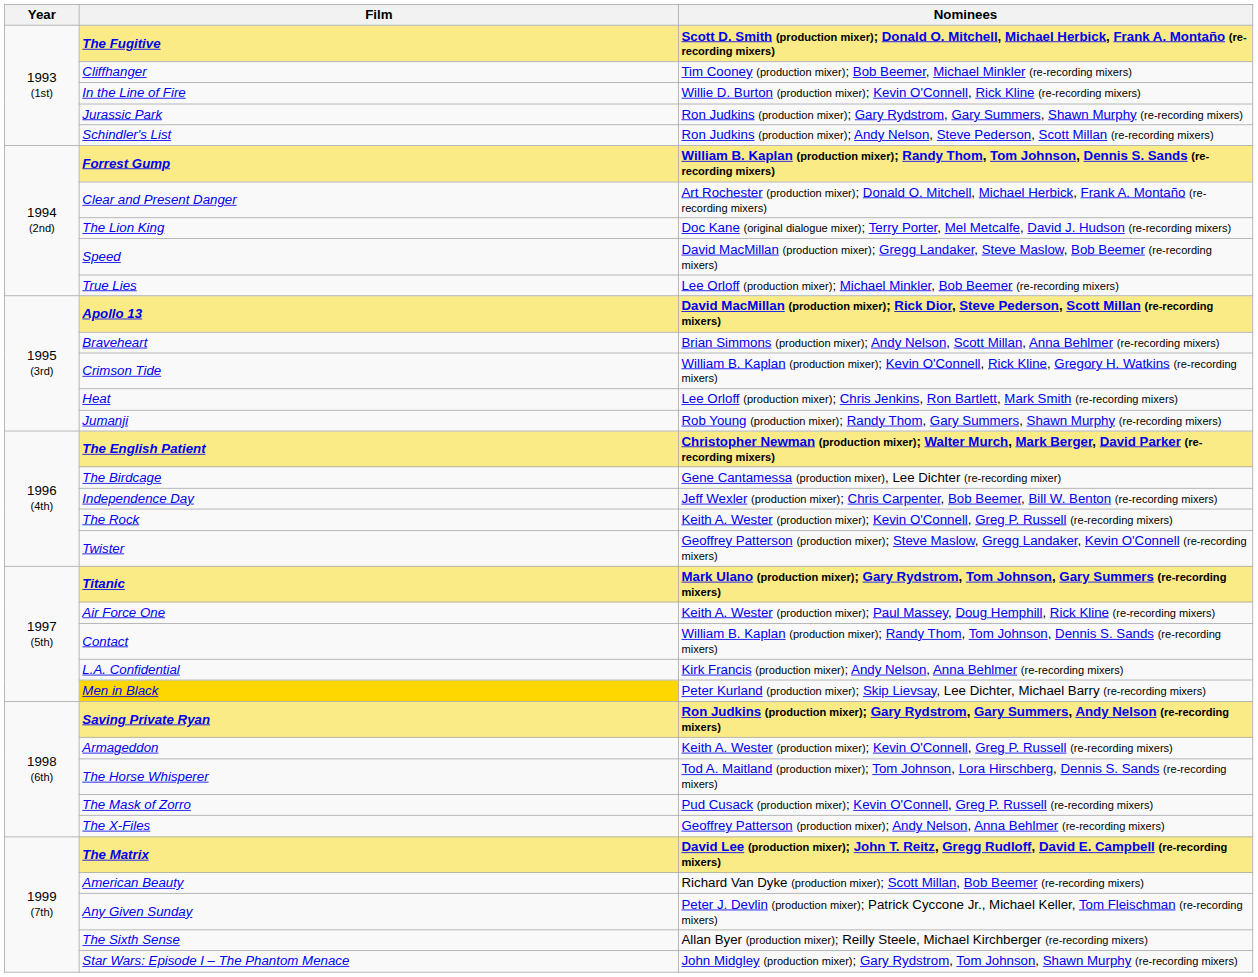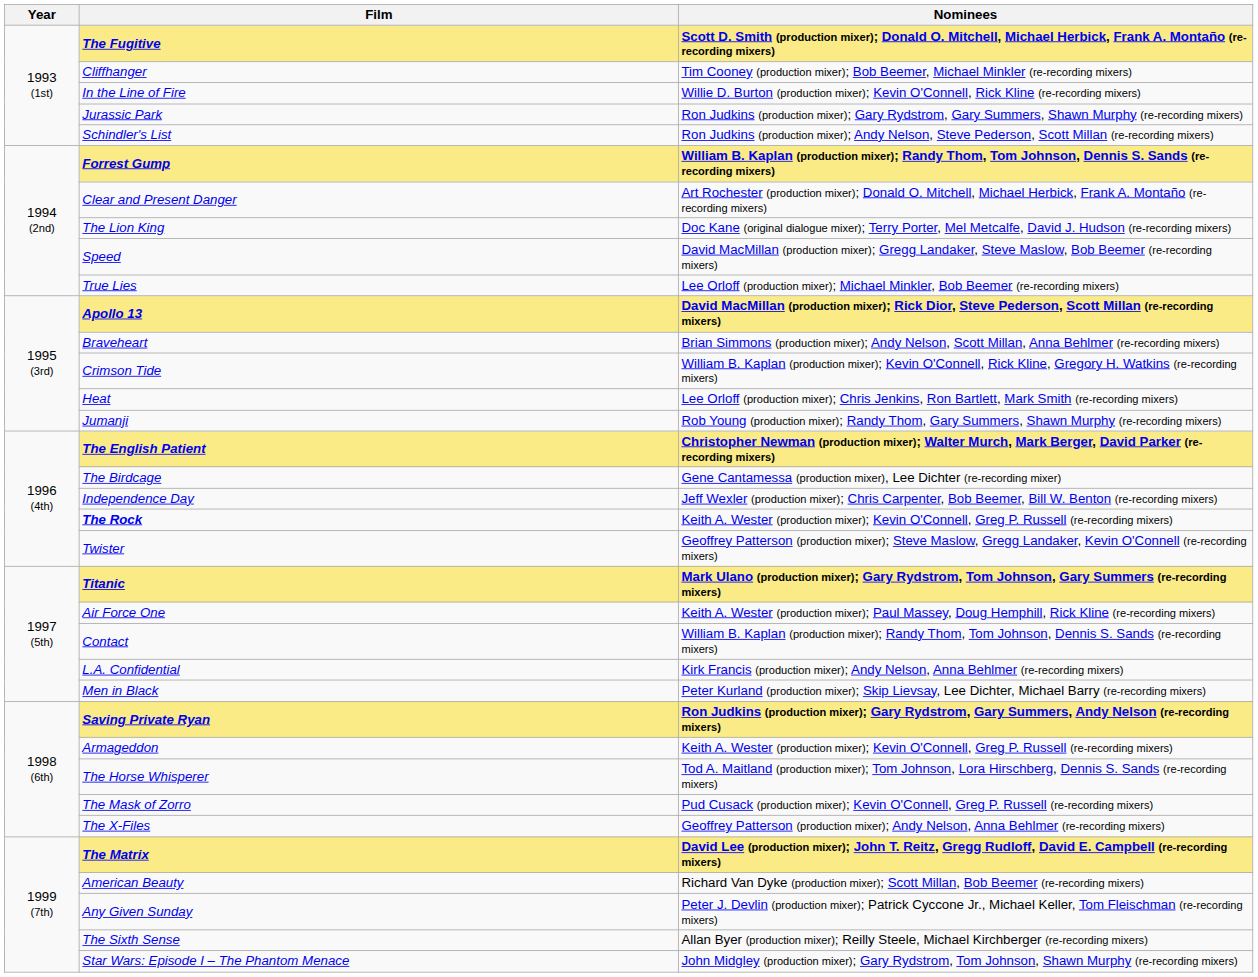 <table class="wikitable" width="95%" cellpadding="5">
 <tr>
 <th width="6%">Year</th>
 <th width="48%">Film</th>
 <th width="48%">Nominees</th>
 </tr>
 <tr>
 <td rowspan="5" style="text-align:center;">1993<br><small>(1st)</small><br></td>
 <td style="background:#FAEB86;"><strong><em><a href='#'>The Fugitive</a></em></strong></td>
 <td style="background:#FAEB86;"><strong><a href='#'>Scott D. Smith</a> <small>(production mixer)</small>; <a href='#'>Donald O. Mitchell</a>, <a href='#'>Michael Herbick</a>, <a href='#'>Frank A. Montaño</a> <small>(re-recording mixers)</small></strong></td>
 </tr>
 <tr>
 <td><em><a href='#'>Cliffhanger</a></em></td>
 <td><a href='#'>Tim Cooney</a> <small>(production mixer)</small>; <a href='#'>Bob Beemer</a>, <a href='#'>Michael Minkler</a> <small>(re-recording mixers)</small></td>
 </tr>
 <tr>
 <td><em><a href='#'>In the Line of Fire</a></em></td>
 <td><a href='#'>Willie D. Burton</a> <small>(production mixer)</small>; <a href='#'>Kevin O'Connell</a>, <a href='#'>Rick Kline</a> <small>(re-recording mixers)</small></td>
 </tr>
 <tr>
 <td><em><a href='#'>Jurassic Park</a></em></td>
 <td><a href='#'>Ron Judkins</a> <small>(production mixer)</small>; <a href='#'>Gary Rydstrom</a>, <a href='#'>Gary Summers</a>, <a href='#'>Shawn Murphy</a> <small>(re-recording mixers)</small></td>
 </tr>
 <tr>
 <td><em><a href='#'>Schindler's List</a></em></td>
 <td><a href='#'>Ron Judkins</a> <small>(production mixer)</small>; <a href='#'>Andy Nelson</a>, <a href='#'>Steve Pederson</a>, <a href='#'>Scott Millan</a> <small>(re-recording mixers)</small></td>
 </tr>
 <tr>
 <td rowspan="5" style="text-align:center;">1994 <br><small>(2nd)</small><br></td>
 <td style="background:#FAEB86;"><strong><em><a href='#'>Forrest Gump</a></em></strong></td>
 <td style="background:#FAEB86;"><strong><a href='#'>William B. Kaplan</a> <small>(production mixer)</small>; <a href='#'>Randy Thom</a>, <a href='#'>Tom Johnson</a>, <a href='#'>Dennis S. Sands</a> <small>(re-recording mixers)</small></strong></td>
 </tr>
 <tr>
 <td><em><a href='#'>Clear and Present Danger</a></em></td>
 <td><a href='#'>Art Rochester</a> <small>(production mixer)</small>; <a href='#'>Donald O. Mitchell</a>, <a href='#'>Michael Herbick</a>, <a href='#'>Frank A. Montaño</a> <small>(re-recording mixers)</small></td>
 </tr>
 <tr>
 <td><em><a href='#'>The Lion King</a></em></td>
 <td><a href='#'>Doc Kane</a> <small>(original dialogue mixer)</small>; <a href='#'>Terry Porter</a>, <a href='#'>Mel Metcalfe</a>, <a href='#'>David J. Hudson</a> <small>(re-recording mixers)</small></td>
 </tr>
 <tr>
 <td><em><a href='#'>Speed</a></em></td>
 <td><a href='#'>David MacMillan</a> <small>(production mixer)</small>; <a href='#'>Gregg Landaker</a>, <a href='#'>Steve Maslow</a>, <a href='#'>Bob Beemer</a> <small>(re-recording mixers)</small></td>
 </tr>
 <tr>
 <td><em><a href='#'>True Lies</a></em></td>
 <td><a href='#'>Lee Orloff</a> <small>(production mixer)</small>; <a href='#'>Michael Minkler</a>, <a href='#'>Bob Beemer</a> <small>(re-recording mixers)</small></td>
 </tr>
 <tr>
 <td rowspan="5" style="text-align:center;">1995 <br><small>(3rd)</small><br></td>
 <td style="background:#FAEB86;"><strong><em><a href='#'>Apollo 13</a></em></strong></td>
 <td style="background:#FAEB86;"><strong><a href='#'>David MacMillan</a> <small>(production mixer)</small>; <a href='#'>Rick Dior</a>, <a href='#'>Steve Pederson</a>, <a href='#'>Scott Millan</a> <small>(re-recording mixers)</small></strong></td>
 </tr>
 <tr>
 <td><em><a href='#'>Braveheart</a></em></td>
 <td><a href='#'>Brian Simmons</a> <small>(production mixer)</small>; <a href='#'>Andy Nelson</a>, <a href='#'>Scott Millan</a>, <a href='#'>Anna Behlmer</a> <small>(re-recording mixers)</small></td>
 </tr>
 <tr>
 <td><em><a href='#'>Crimson Tide</a></em></td>
 <td><a href='#'>William B. Kaplan</a> <small>(production mixer)</small>; <a href='#'>Kevin O'Connell</a>, <a href='#'>Rick Kline</a>, <a href='#'>Gregory H. Watkins</a> <small>(re-recording mixers)</small></td>
 </tr>
 <tr>
 <td><em><a href='#'>Heat</a></em></td>
 <td><a href='#'>Lee Orloff</a> <small>(production mixer)</small>; <a href='#'>Chris Jenkins</a>, <a href='#'>Ron Bartlett</a>, <a href='#'>Mark Smith</a> <small>(re-recording mixers)</small></td>
 </tr>
 <tr>
 <td><em><a href='#'>Jumanji</a></em></td>
 <td><a href='#'>Rob Young</a> <small>(production mixer)</small>; <a href='#'>Randy Thom</a>, <a href='#'>Gary Summers</a>, <a href='#'>Shawn Murphy</a> <small>(re-recording mixers)</small></td>
 </tr>
 <tr>
 <td rowspan="5" style="text-align:center;">1996 <br><small>(4th)</small><br></td>
 <td style="background:#FAEB86;"><strong><em><a href='#'>The English Patient</a></em></strong></td>
 <td style="background:#FAEB86;"><strong><a href='#'>Christopher Newman</a> <small>(production mixer)</small>; <a href='#'>Walter Murch</a>, <a href='#'>Mark Berger</a>, <a href='#'>David Parker</a> <small>(re-recording mixers)</small></strong></td>
 </tr>
 <tr>
 <td><em><a href='#'>The Birdcage</a></em></td>
 <td><a href='#'>Gene Cantamessa</a> <small>(production mixer)</small>, Lee Dichter <small>(re-recording mixer)</small></td>
 </tr>
 <tr>
 <td><em><a href='#'>Independence Day</a></em></td>
 <td><a href='#'>Jeff Wexler</a> <small>(production mixer)</small>; <a href='#'>Chris Carpenter</a>, <a href='#'>Bob Beemer</a>, <a href='#'>Bill W. Benton</a> <small>(re-recording mixers)</small></td>
 </tr>
 <tr>
-<td><em><a href='#'>The Rock</a></em></td>
+<td><strong><em><a href='#'>The Rock</a></em></strong></td>
 <td><a href='#'>Keith A. Wester</a> <small>(production mixer)</small>; <a href='#'>Kevin O'Connell</a>, <a href='#'>Greg P. Russell</a> <small>(re-recording mixers)</small></td>
 </tr>
 <tr>
 <td><em><a href='#'>Twister</a></em></td>
 <td><a href='#'>Geoffrey Patterson</a> <small>(production mixer)</small>; <a href='#'>Steve Maslow</a>, <a href='#'>Gregg Landaker</a>, <a href='#'>Kevin O'Connell</a> <small>(re-recording mixers)</small></td>
 </tr>
 <tr>
 <td rowspan="5" style="text-align:center;">1997 <br><small>(5th)</small><br></td>
 <td style="background:#FAEB86;"><strong><em><a href='#'>Titanic</a></em></strong></td>
 <td style="background:#FAEB86;"><strong><a href='#'>Mark Ulano</a> <small>(production mixer)</small>; <a href='#'>Gary Rydstrom</a>, <a href='#'>Tom Johnson</a>, <a href='#'>Gary Summers</a> <small>(re-recording mixers)</small></strong></td>
 </tr>
 <tr>
 <td><em><a href='#'>Air Force One</a></em></td>
 <td><a href='#'>Keith A. Wester</a> <small>(production mixer)</small>; <a href='#'>Paul Massey</a>, <a href='#'>Doug Hemphill</a>, <a href='#'>Rick Kline</a> <small>(re-recording mixers)</small></td>
 </tr>
 <tr>
 <td><em><a href='#'>Contact</a></em></td>
 <td><a href='#'>William B. Kaplan</a> <small>(production mixer)</small>; <a href='#'>Randy Thom</a>, <a href='#'>Tom Johnson</a>, <a href='#'>Dennis S. Sands</a> <small>(re-recording mixers)</small></td>
 </tr>
 <tr>
 <td><em><a href='#'>L.A. Confidential</a></em></td>
 <td><a href='#'>Kirk Francis</a> <small>(production mixer)</small>; <a href='#'>Andy Nelson</a>, <a href='#'>Anna Behlmer</a> <small>(re-recording mixers)</small></td>
 </tr>
 <tr>
-<td style="background: gold;"><em><a href='#'>Men in Black</a></em></td>
+<td><em><a href='#'>Men in Black</a></em></td>
 <td><a href='#'>Peter Kurland</a> <small>(production mixer)</small>; <a href='#'>Skip Lievsay</a>, Lee Dichter, Michael Barry <small>(re-recording mixers)</small></td>
 </tr>
 <tr>
 <td rowspan="5" style="text-align:center;">1998 <br><small>(6th)</small><br></td>
 <td style="background:#FAEB86;"><strong><em><a href='#'>Saving Private Ryan</a></em></strong></td>
 <td style="background:#FAEB86;"><strong><a href='#'>Ron Judkins</a> <small>(production mixer)</small>; <a href='#'>Gary Rydstrom</a>, <a href='#'>Gary Summers</a>, <a href='#'>Andy Nelson</a> <small>(re-recording mixers)</small></strong></td>
 </tr>
 <tr>
 <td><em><a href='#'>Armageddon</a></em></td>
 <td><a href='#'>Keith A. Wester</a> <small>(production mixer)</small>; <a href='#'>Kevin O'Connell</a>, <a href='#'>Greg P. Russell</a> <small>(re-recording mixers)</small></td>
 </tr>
 <tr>
 <td><em><a href='#'>The Horse Whisperer</a></em></td>
 <td><a href='#'>Tod A. Maitland</a> <small>(production mixer)</small>; <a href='#'>Tom Johnson</a>, <a href='#'>Lora Hirschberg</a>, <a href='#'>Dennis S. Sands</a> <small>(re-recording mixers)</small></td>
 </tr>
 <tr>
 <td><em><a href='#'>The Mask of Zorro</a></em></td>
 <td><a href='#'>Pud Cusack</a> <small>(production mixer)</small>; <a href='#'>Kevin O'Connell</a>, <a href='#'>Greg P. Russell</a> <small>(re-recording mixers)</small></td>
 </tr>
 <tr>
 <td><em><a href='#'>The X-Files</a></em></td>
 <td><a href='#'>Geoffrey Patterson</a> <small>(production mixer)</small>; <a href='#'>Andy Nelson</a>, <a href='#'>Anna Behlmer</a> <small>(re-recording mixers)</small></td>
 </tr>
 <tr>
 <td rowspan="5" style="text-align:center;">1999 <br><small>(7th)</small><br></td>
 <td style="background:#FAEB86;"><strong><em><a href='#'>The Matrix</a></em></strong></td>
 <td style="background:#FAEB86;"><strong><a href='#'>David Lee</a> <small>(production mixer)</small>; <a href='#'>John T. Reitz</a>, <a href='#'>Gregg Rudloff</a>, <a href='#'>David E. Campbell</a> <small>(re-recording mixers)</small></strong></td>
 </tr>
 <tr>
 <td><em><a href='#'>American Beauty</a></em></td>
 <td>Richard Van Dyke <small>(production mixer)</small>; <a href='#'>Scott Millan</a>, <a href='#'>Bob Beemer</a> <small>(re-recording mixers)</small></td>
 </tr>
 <tr>
 <td><em><a href='#'>Any Given Sunday</a></em></td>
 <td><a href='#'>Peter J. Devlin</a> <small>(production mixer)</small>; Patrick Cyccone Jr., Michael Keller, <a href='#'>Tom Fleischman</a> <small>(re-recording mixers)</small></td>
 </tr>
 <tr>
 <td><em><a href='#'>The Sixth Sense</a></em></td>
 <td>Allan Byer <small>(production mixer)</small>; Reilly Steele, Michael Kirchberger <small>(re-recording mixers)</small></td>
 </tr>
 <tr>
 <td><em><a href='#'>Star Wars: Episode I – The Phantom Menace</a></em></td>
 <td><a href='#'>John Midgley</a> <small>(production mixer)</small>; <a href='#'>Gary Rydstrom</a>, <a href='#'>Tom Johnson</a>, <a href='#'>Shawn Murphy</a> <small>(re-recording mixers)</small></td>
 </tr>
 </table>
